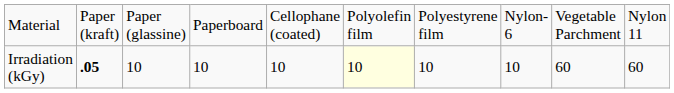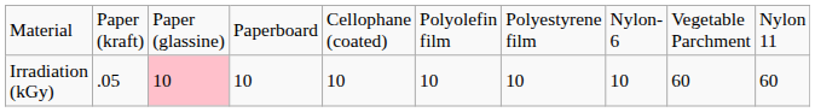 <table class="wikitable">
 <tr>
 <td>Material</td>
 <td>Paper (kraft)</td>
 <td>Paper (glassine)</td>
 <td>Paperboard</td>
 <td>Cellophane (coated)</td>
 <td>Polyolefin film</td>
 <td>Polyestyrene film</td>
 <td>Nylon-6</td>
 <td>Vegetable Parchment</td>
 <td>Nylon 11</td>
 </tr>
 <tr>
 <td>Irradiation (kGy)</td>
-<td><strong>.05</strong></td>
+<td>.05</td>
+<td style="background: pink;">10</td>
 <td>10</td>
 <td>10</td>
 <td>10</td>
-<td style="background: lightyellow;">10</td>
 <td>10</td>
 <td>10</td>
 <td>60</td>
 <td>60</td>
 </tr>
 </table>
